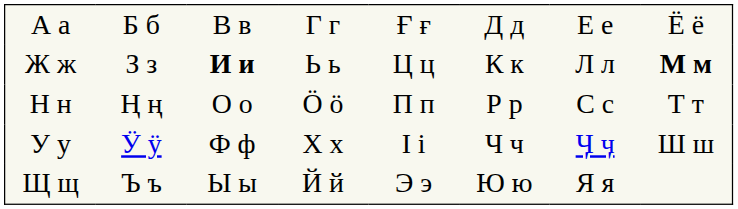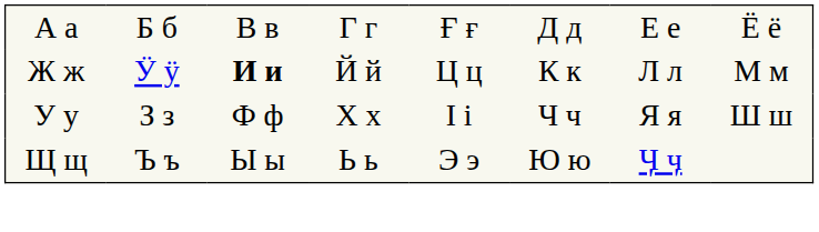 <table style="font-family:Arial Unicode MS; font-size:1.4em; border-color:#000000; border-width:1px; border-style:solid; border-collapse:collapse; background-color:#F8F8EF">
 <tr>
 <td style="width:3em; text-align:center; padding: 3px;">А а</td>
 <td style="width:3em; text-align:center; padding: 3px;">Б б</td>
 <td style="width:3em; text-align:center; padding: 3px;">В в</td>
 <td style="width:3em; text-align:center; padding: 3px;">Г г</td>
 <td style="width:3em; text-align:center; padding: 3px;">Ғ ғ</td>
 <td style="width:3em; text-align:center; padding: 3px;">Д д</td>
 <td style="width:3em; text-align:center; padding: 3px;">Е е</td>
 <td style="width:3em; text-align:center; padding: 3px;">Ё ё</td>
 </tr>
 <tr>
 <td style="width:3em; text-align:center; padding: 3px;">Ж ж</td>
-<td style="width:3em; text-align:center; padding: 3px;">З з</td>
+<td style="width:3em; text-align:center; padding: 3px;"><a href='#'>Ӱ ӱ</a></td>
 <td style="width:3em; text-align:center; padding: 3px;"><strong>И и</strong></td>
-<td style="width:3em; text-align:center; padding: 3px;">Ь ь</td>
+<td style="width:3em; text-align:center; padding: 3px;">Й й</td>
 <td style="width:3em; text-align:center; padding: 3px;">Ц ц</td>
 <td style="width:3em; text-align:center; padding: 3px;">К к</td>
 <td style="width:3em; text-align:center; padding: 3px;">Л л</td>
-<td style="width:3em; text-align:center; padding: 3px;"><strong>М м</strong></td>
-</tr>
-<tr>
-<td style="width:3em; text-align:center; padding: 3px;">Н н</td>
-<td style="width:3em; text-align:center; padding: 3px;">Ң ң</td>
-<td style="width:3em; text-align:center; padding: 3px;">О о</td>
-<td style="width:3em; text-align:center; padding: 3px;">Ӧ ӧ</td>
-<td style="width:3em; text-align:center; padding: 3px;">П п</td>
-<td style="width:3em; text-align:center; padding: 3px;">Р р</td>
-<td style="width:3em; text-align:center; padding: 3px;">С с</td>
-<td style="width:3em; text-align:center; padding: 3px;">Т т</td>
+<td style="width:3em; text-align:center; padding: 3px;">М м</td>
 </tr>
 <tr>
 <td style="width:3em; text-align:center; padding: 3px;">У у</td>
-<td style="width:3em; text-align:center; padding: 3px;"><a href='#'>Ӱ ӱ</a></td>
+<td style="width:3em; text-align:center; padding: 3px;">З з</td>
 <td style="width:3em; text-align:center; padding: 3px;">Ф ф</td>
 <td style="width:3em; text-align:center; padding: 3px;">Х х</td>
 <td style="width:3em; text-align:center; padding: 3px;">І і</td>
 <td style="width:3em; text-align:center; padding: 3px;">Ч ч</td>
-<td style="width:3em; text-align:center; padding: 3px;"><a href='#'>Ӌ ӌ</a></td>
+<td style="width:3em; text-align:center; padding: 3px;">Я я</td>
 <td style="width:3em; text-align:center; padding: 3px;">Ш ш</td>
 </tr>
 <tr>
 <td style="width:3em; text-align:center; padding: 3px;">Щ щ</td>
 <td style="width:3em; text-align:center; padding: 3px;">Ъ ъ</td>
 <td style="width:3em; text-align:center; padding: 3px;">Ы ы</td>
-<td style="width:3em; text-align:center; padding: 3px;">Й й</td>
+<td style="width:3em; text-align:center; padding: 3px;">Ь ь</td>
 <td style="width:3em; text-align:center; padding: 3px;">Э э</td>
 <td style="width:3em; text-align:center; padding: 3px;">Ю ю</td>
-<td style="width:3em; text-align:center; padding: 3px;">Я я</td>
+<td style="width:3em; text-align:center; padding: 3px;"><a href='#'>Ӌ ӌ</a></td>
 <td></td>
 </tr>
 </table>
